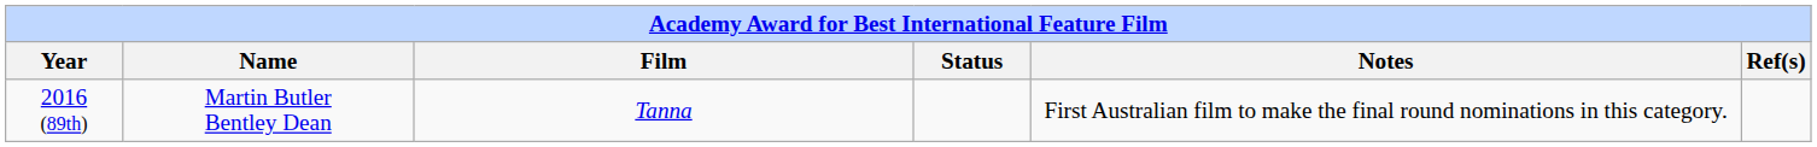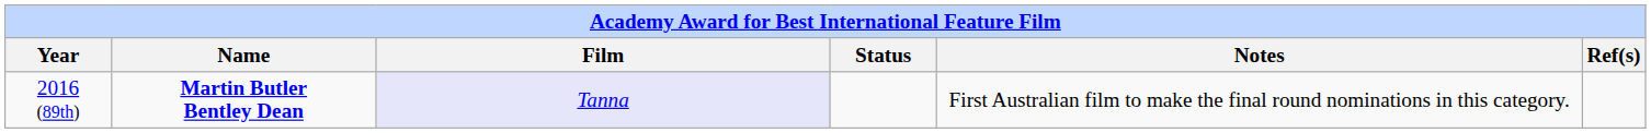 <table class="wikitable" style="text-align: center">
 <tr style="background:#bfd7ff;">
 <td colspan="6" style="text-align:center;"><strong><a href='#'>Academy Award for Best International Feature Film</a></strong></td>
 </tr>
 <tr style="background:#ebf5ff;">
 <th style="width:75px;">Year</th>
 <th style="width:200px;">Name</th>
 <th style="width:350px;">Film</th>
 <th style="width:75px;">Status</th>
 <th style="width:500px;">Notes</th>
 <th width="3">Ref(s)</th>
 </tr>
 <tr>
 <td style="text-align: center"><a href='#'>2016</a><br><small>(<a href='#'>89th</a>)</small></td>
-<td><a href='#'>Martin Butler</a> <br> <a href='#'>Bentley Dean</a></td>
-<td><em><a href='#'>Tanna</a></em></td>
+<td><strong><a href='#'>Martin Butler</a> <br> <a href='#'>Bentley Dean</a></strong></td>
+<td style="background: lavender;"><em><a href='#'>Tanna</a></em></td>
 <td></td>
 <td>First Australian film to make the final round nominations in this category.</td>
 <td style="text-align: center"></td>
 </tr>
 </table>
